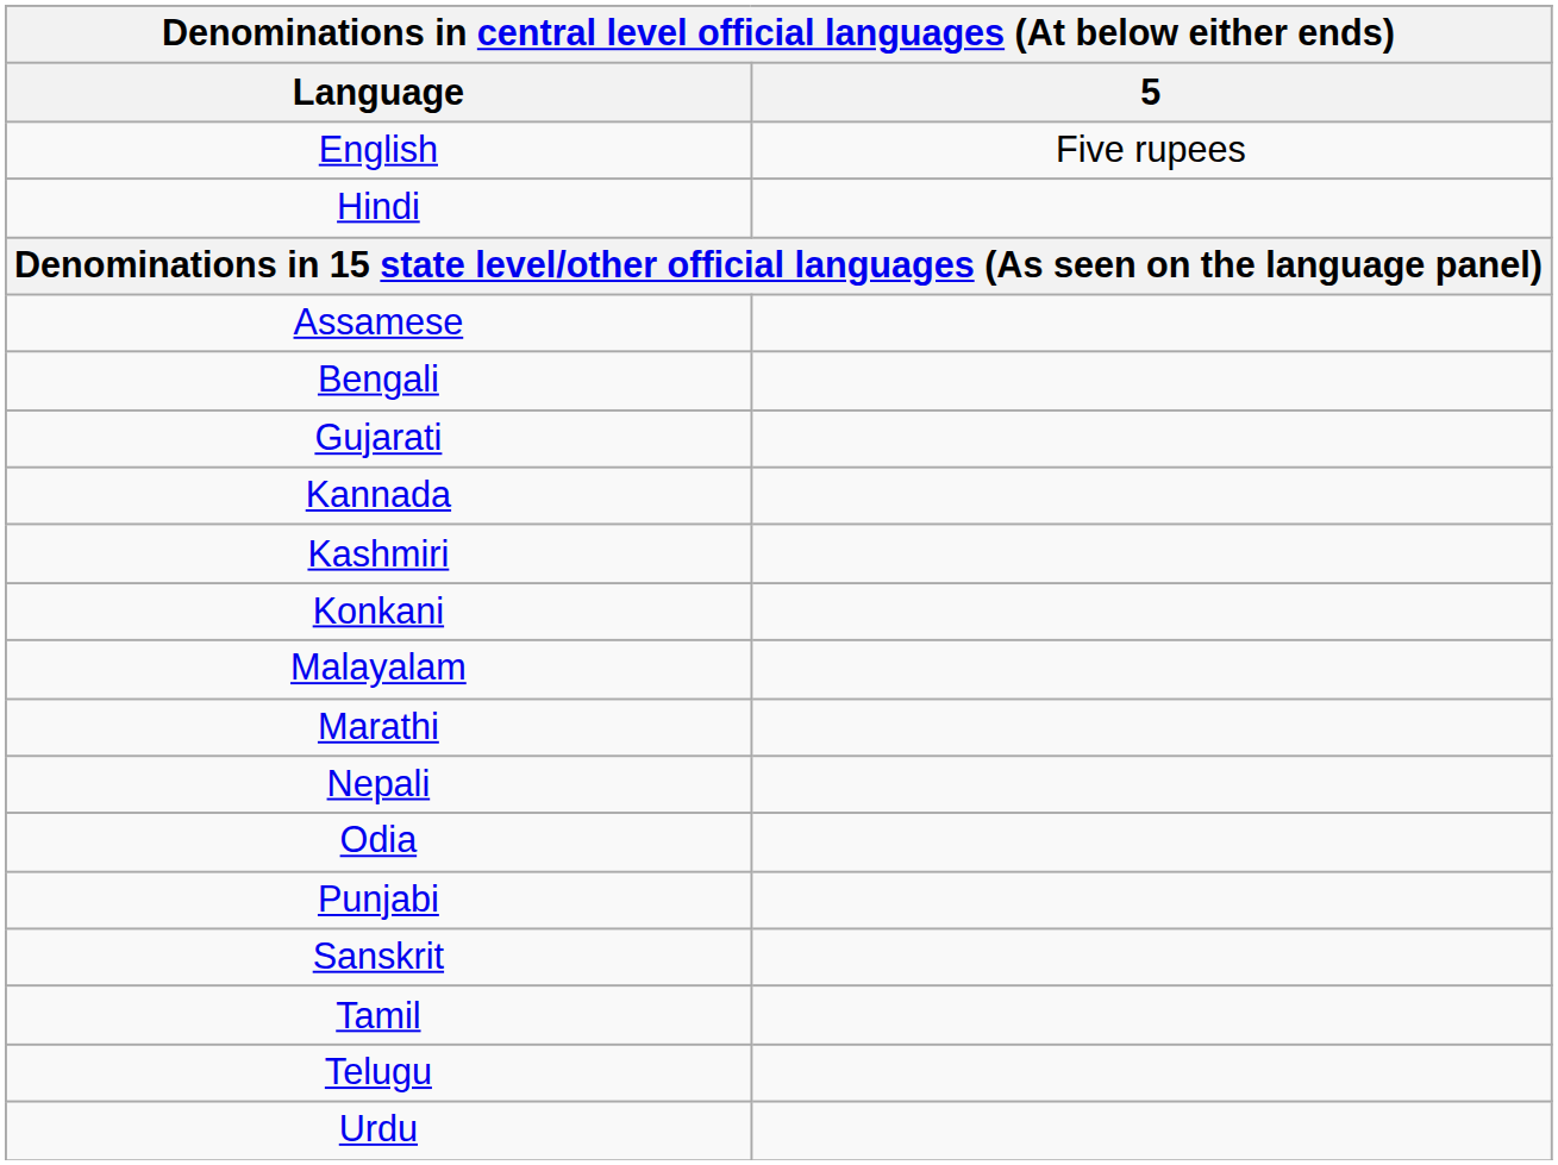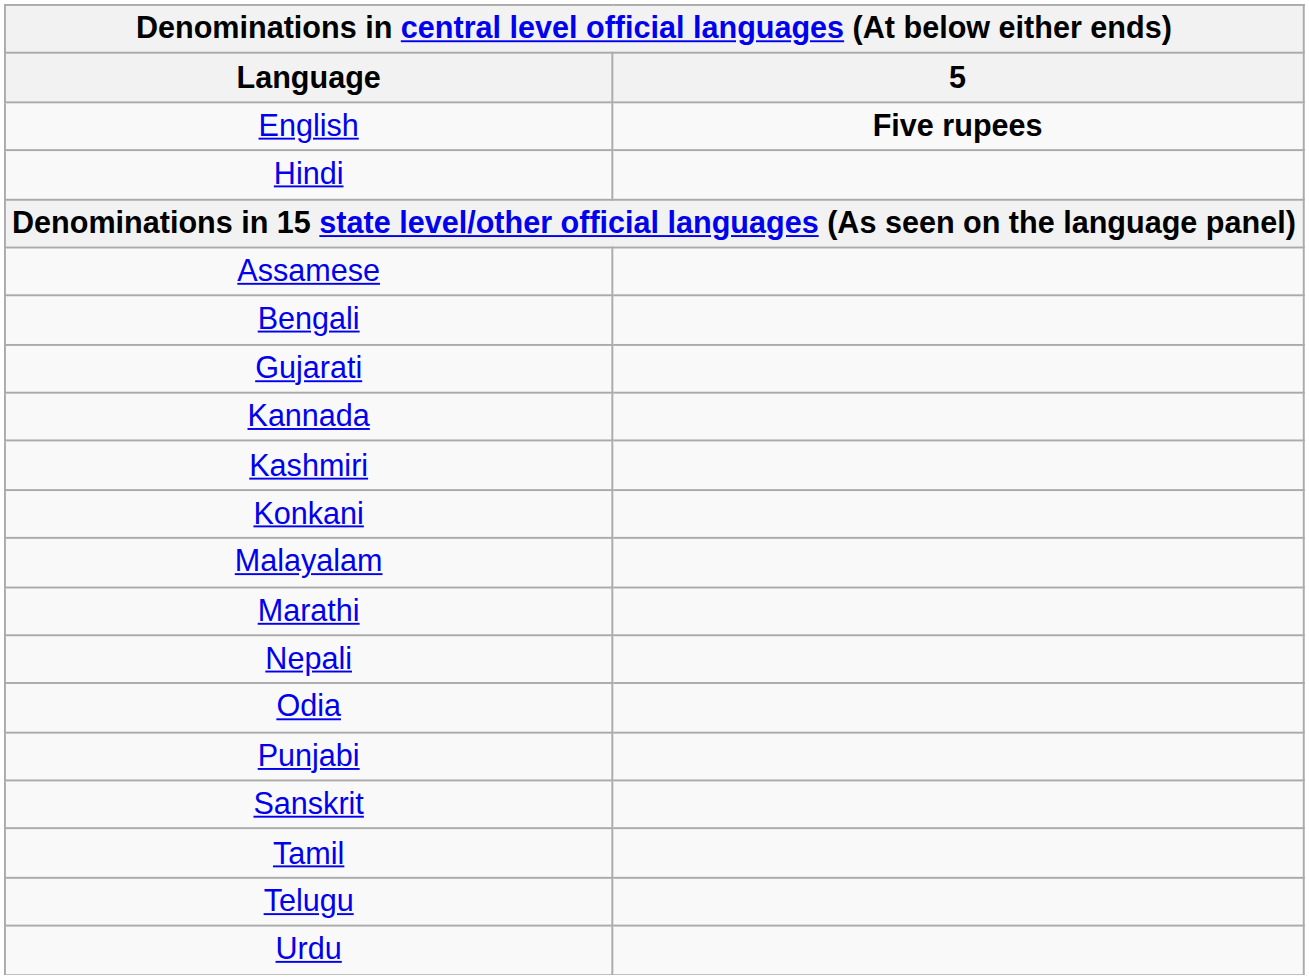 <table class="wikitable" style="text-align:center">
 <tr>
 <th colspan="2">Denominations in <a href='#'>central level official languages</a> (At below either ends)</th>
 </tr>
 <tr>
 <th>Language</th>
 <th>5</th>
 </tr>
 <tr>
 <td><a href='#'>English</a></td>
-<td>Five rupees</td>
+<td><strong>Five rupees</strong></td>
 </tr>
 <tr>
 <td><a href='#'>Hindi</a></td>
 <td></td>
 </tr>
 <tr>
 <th colspan="12">Denominations in 15 <a href='#'>state level/other official languages</a> (As seen on the language panel)</th>
 </tr>
 <tr>
 <td><a href='#'>Assamese</a></td>
 <td></td>
 </tr>
 <tr>
 <td><a href='#'>Bengali</a></td>
 <td></td>
 </tr>
 <tr>
 <td><a href='#'>Gujarati</a></td>
 <td></td>
 </tr>
 <tr>
 <td><a href='#'>Kannada</a></td>
 <td></td>
 </tr>
 <tr>
 <td><a href='#'>Kashmiri</a></td>
 <td></td>
 </tr>
 <tr>
 <td><a href='#'>Konkani</a></td>
 <td></td>
 </tr>
 <tr>
 <td><a href='#'>Malayalam</a></td>
 <td></td>
 </tr>
 <tr>
 <td><a href='#'>Marathi</a></td>
 <td></td>
 </tr>
 <tr>
 <td><a href='#'>Nepali</a></td>
 <td></td>
 </tr>
 <tr>
 <td><a href='#'>Odia</a></td>
 <td></td>
 </tr>
 <tr>
 <td><a href='#'>Punjabi</a></td>
 <td></td>
 </tr>
 <tr>
 <td><a href='#'>Sanskrit</a></td>
 <td></td>
 </tr>
 <tr>
 <td><a href='#'>Tamil</a></td>
 <td></td>
 </tr>
 <tr>
 <td><a href='#'>Telugu</a></td>
 <td></td>
 </tr>
 <tr>
 <td><a href='#'>Urdu</a></td>
 <td></td>
 </tr>
 </table>
